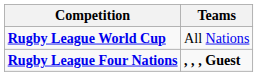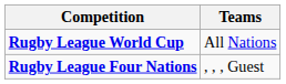 <table class="wikitable">
 <tr>
 <th>Competition</th>
 <th>Teams</th>
 </tr>
 <tr>
 <td><strong><a href='#'>Rugby League World Cup</a></strong></td>
 <td> All <a href='#'>Nations</a></td>
 </tr>
 <tr>
 <td><strong><a href='#'>Rugby League Four Nations</a></strong></td>
-<td><strong>, , , Guest</strong></td>
+<td>, , , Guest</td>
 </tr>
 </table>
